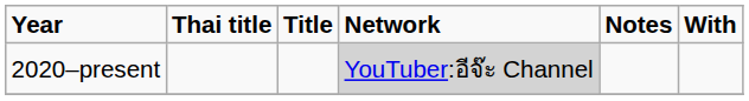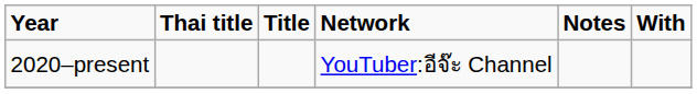 <table class="wikitable" style="font-size: 85%;">
 <tr>
 <td><strong>Year</strong></td>
 <td><strong>Thai title</strong></td>
 <td><strong>Title</strong></td>
 <td><strong>Network</strong></td>
 <td><strong>Notes</strong></td>
 <td><strong>With</strong></td>
 </tr>
 <tr>
 <td rowspan="1">2020–present</td>
 <td><em> </em></td>
 <td><em> </em></td>
-<td style="background: lightgrey;"><a href='#'>YouTuber</a>:อีจ๊ะ Channel</td>
+<td><a href='#'>YouTuber</a>:อีจ๊ะ Channel</td>
 <td></td>
 <td></td>
 </tr>
 <tr>
 </tr>
 </table>
